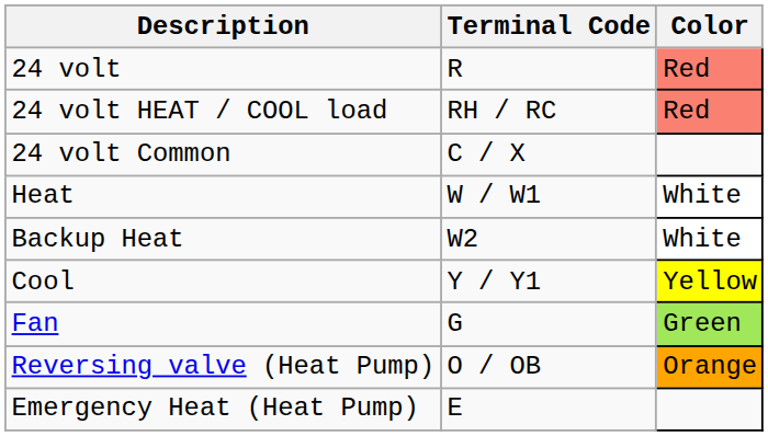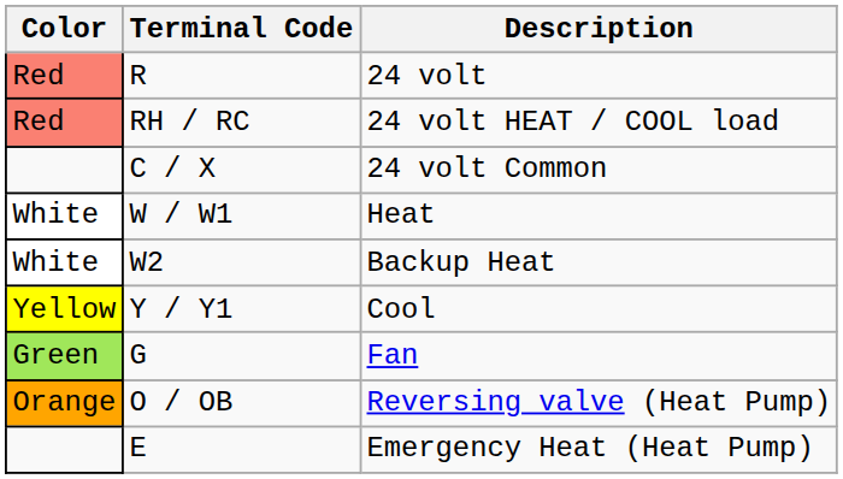 <table class="wikitable">
 <tr>
+<th>Color</th>
+<th>Terminal Code</th>
 <th>Description</th>
-<th>Terminal Code</th>
-<th>Color</th>
 </tr>
 <tr>
+<td style="border-color:black; white-space:nowrap; background:salmon;">Red</td>
+<td>R</td>
 <td>24 volt</td>
-<td>R</td>
-<td style="border-color:black; white-space:nowrap; background:salmon;">Red</td>
 </tr>
 <tr>
+<td style="border-color:black; white-space:nowrap; background:salmon;">Red</td>
+<td>RH / RC</td>
 <td>24 volt HEAT / COOL load</td>
-<td>RH / RC</td>
-<td style="border-color:black; white-space:nowrap; background:salmon;">Red</td>
 </tr>
 <tr>
+<td style="border-color:black;"></td>
+<td>C / X</td>
 <td>24 volt Common</td>
-<td>C / X</td>
-<td style="border-color:black;"></td>
 </tr>
 <tr>
+<td style="border-color:black; white-space:nowrap; background:white;">White</td>
+<td>W / W1</td>
 <td>Heat</td>
-<td>W / W1</td>
-<td style="border-color:black; white-space:nowrap; background:white;">White</td>
 </tr>
 <tr>
+<td style="border-color:black; white-space:nowrap; background:white;">White</td>
+<td>W2</td>
 <td>Backup Heat</td>
-<td>W2</td>
-<td style="border-color:black; white-space:nowrap; background:white;">White</td>
 </tr>
 <tr>
+<td style="border-color:black; white-space:nowrap; background:yellow;">Yellow</td>
+<td>Y / Y1</td>
 <td>Cool</td>
-<td>Y / Y1</td>
-<td style="border-color:black; white-space:nowrap; background:yellow;">Yellow</td>
 </tr>
 <tr>
+<td style="border-color:black; white-space:nowrap; background:#a0e75a;">Green</td>
+<td>G</td>
 <td><a href='#'>Fan</a></td>
-<td>G</td>
-<td style="border-color:black; white-space:nowrap; background:#a0e75a;">Green</td>
 </tr>
 <tr>
+<td style="border-color:black; white-space:nowrap; background:orange;">Orange</td>
+<td>O / OB</td>
 <td><a href='#'>Reversing valve</a> (Heat Pump)</td>
-<td>O / OB</td>
-<td style="border-color:black; white-space:nowrap; background:orange;">Orange</td>
 </tr>
 <tr>
+<td style="border-color:black;"></td>
+<td>E</td>
 <td>Emergency Heat (Heat Pump)</td>
-<td>E</td>
-<td style="border-color:black;"></td>
 </tr>
 </table>
